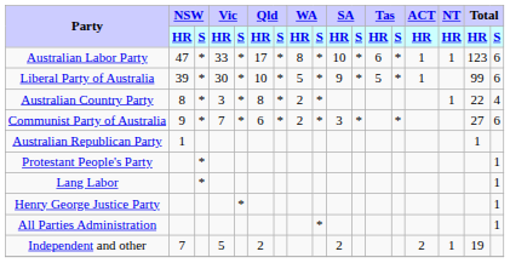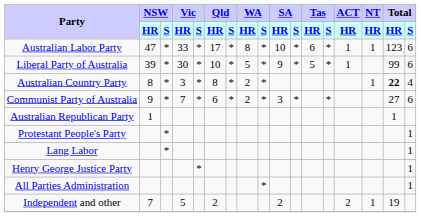 <table class="wikitable" style="text-align:center">
 <tr>
 <th rowspan="2" style="background:#ccf;">Party</th>
 <th colspan="2" style="background:#ccf;"><a href='#'>NSW</a></th>
 <th colspan="2" style="background:#ccf;"><a href='#'>Vic</a></th>
 <th colspan="2" style="background:#ccf;"><a href='#'>Qld</a></th>
 <th colspan="2" style="background:#ccf;"><a href='#'>WA</a></th>
 <th colspan="2" style="background:#ccf;"><a href='#'>SA</a></th>
 <th colspan="2" style="background:#ccf;"><a href='#'>Tas</a></th>
 <th style="background:#ccf;"><a href='#'>ACT</a></th>
 <th style="background:#ccf;"><a href='#'>NT</a></th>
 <th colspan="2" style="background:#ccf;">Total</th>
 </tr>
 <tr>
 <th style="background:#ccffff;"><a href='#'>HR</a></th>
 <th style="background:#ccffff;"><a href='#'>S</a></th>
 <th style="background:#ccffff;"><a href='#'>HR</a></th>
 <th style="background:#ccffff;"><a href='#'>S</a></th>
 <th style="background:#ccffff;"><a href='#'>HR</a></th>
 <th style="background:#ccffff;"><a href='#'>S</a></th>
 <th style="background:#ccffff;"><a href='#'>HR</a></th>
 <th style="background:#ccffff;"><a href='#'>S</a></th>
 <th style="background:#ccffff;"><a href='#'>HR</a></th>
 <th style="background:#ccffff;"><a href='#'>S</a></th>
 <th style="background:#ccffff;"><a href='#'>HR</a></th>
 <th style="background:#ccffff;"><a href='#'>S</a></th>
 <th style="background:#ccffff;"><a href='#'>HR</a></th>
 <th style="background:#ccffff;"><a href='#'>HR</a></th>
 <th style="background:#ccffff;"><a href='#'>HR</a></th>
 <th style="background:#ccffff;"><a href='#'>S</a></th>
 </tr>
 <tr>
 <td style="font-size:100%;"><a href='#'>Australian Labor Party</a></td>
 <td>47</td>
 <td>*</td>
 <td>33</td>
 <td>*</td>
 <td>17</td>
 <td>*</td>
 <td>8</td>
 <td>*</td>
 <td>10</td>
 <td>*</td>
 <td>6</td>
 <td>*</td>
 <td>1</td>
 <td>1</td>
 <td>123</td>
 <td>6</td>
 </tr>
 <tr>
 <td style="font-size:100%;"><a href='#'>Liberal Party of Australia</a></td>
 <td>39</td>
 <td>*</td>
 <td>30</td>
 <td>*</td>
 <td>10</td>
 <td>*</td>
 <td>5</td>
 <td>*</td>
 <td>9</td>
 <td>*</td>
 <td>5</td>
 <td>*</td>
 <td>1</td>
 <td></td>
 <td>99</td>
 <td>6</td>
 </tr>
 <tr>
 <td style="font-size:100%;"><a href='#'>Australian Country Party</a></td>
 <td>8</td>
 <td>*</td>
 <td>3</td>
 <td>*</td>
 <td>8</td>
 <td>*</td>
 <td>2</td>
 <td>*</td>
 <td></td>
 <td></td>
 <td></td>
 <td></td>
 <td></td>
 <td>1</td>
-<td>22</td>
+<td><strong>22</strong></td>
 <td>4</td>
 </tr>
 <tr>
 <td style="font-size:100%;"><a href='#'>Communist Party of Australia</a></td>
 <td>9</td>
 <td>*</td>
 <td>7</td>
 <td>*</td>
 <td>6</td>
 <td>*</td>
 <td>2</td>
 <td>*</td>
 <td>3</td>
 <td>*</td>
 <td></td>
 <td>*</td>
 <td></td>
 <td></td>
 <td>27</td>
 <td>6</td>
 </tr>
 <tr>
 <td style="font-size:100%;"><a href='#'>Australian Republican Party</a></td>
 <td>1</td>
 <td></td>
 <td></td>
 <td></td>
 <td></td>
 <td></td>
 <td></td>
 <td></td>
 <td></td>
 <td></td>
 <td></td>
 <td></td>
 <td></td>
 <td></td>
 <td>1</td>
 <td></td>
 </tr>
 <tr>
 <td style="font-size:100%;"><a href='#'>Protestant People's Party</a></td>
 <td></td>
 <td>*</td>
 <td></td>
 <td></td>
 <td></td>
 <td></td>
 <td></td>
 <td></td>
 <td></td>
 <td></td>
 <td></td>
 <td></td>
 <td></td>
 <td></td>
 <td></td>
 <td>1</td>
 </tr>
 <tr>
 <td style="font-size:100%;"><a href='#'>Lang Labor</a></td>
 <td></td>
 <td>*</td>
 <td></td>
 <td></td>
 <td></td>
 <td></td>
 <td></td>
 <td></td>
 <td></td>
 <td></td>
 <td></td>
 <td></td>
 <td></td>
 <td></td>
 <td></td>
 <td>1</td>
 </tr>
 <tr>
 <td style="font-size:100%;"><a href='#'>Henry George Justice Party</a></td>
 <td></td>
 <td></td>
 <td></td>
 <td>*</td>
 <td></td>
 <td></td>
 <td></td>
 <td></td>
 <td></td>
 <td></td>
 <td></td>
 <td></td>
 <td></td>
 <td></td>
 <td></td>
 <td>1</td>
 </tr>
 <tr>
 <td style="font-size:100%;"><a href='#'>All Parties Administration</a></td>
 <td></td>
 <td></td>
 <td></td>
 <td></td>
 <td></td>
 <td></td>
 <td></td>
 <td>*</td>
 <td></td>
 <td></td>
 <td></td>
 <td></td>
 <td></td>
 <td></td>
 <td></td>
 <td>1</td>
 </tr>
 <tr>
 <td style="font-size:100%;"><a href='#'>Independent</a> and other</td>
 <td>7</td>
 <td></td>
 <td>5</td>
 <td></td>
 <td>2</td>
 <td></td>
 <td></td>
 <td></td>
 <td>2</td>
 <td></td>
 <td></td>
 <td></td>
 <td>2</td>
 <td>1</td>
 <td>19</td>
 <td></td>
 </tr>
 <tr>
 </tr>
 </table>
